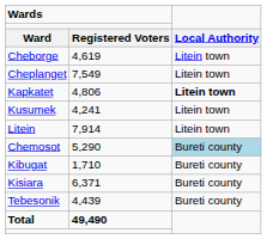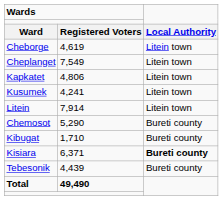 <table class="wikitable">
 <tr>
 <td colspan="2"><strong>Wards</strong></td>
 </tr>
 <tr>
 <td colspan="2"></td>
 </tr>
 <tr>
 <th>Ward</th>
 <th>Registered Voters</th>
 <th><a href='#'>Local Authority</a></th>
 </tr>
 <tr>
 <td><a href='#'>Cheborge</a></td>
 <td>4,619</td>
 <td><a href='#'>Litein</a> town</td>
 </tr>
 <tr>
 <td><a href='#'>Cheplanget</a></td>
 <td>7,549</td>
 <td>Litein town</td>
 </tr>
 <tr>
 <td><a href='#'>Kapkatet</a></td>
 <td>4,806</td>
-<td><strong>Litein town</strong></td>
+<td>Litein town</td>
 </tr>
 <tr>
 <td><a href='#'>Kusumek</a></td>
 <td>4,241</td>
 <td>Litein town</td>
 </tr>
 <tr>
 <td><a href='#'>Litein</a></td>
 <td>7,914</td>
 <td>Litein town</td>
 </tr>
 <tr>
 <td><a href='#'>Chemosot</a></td>
 <td>5,290</td>
-<td style="background: lightblue;">Bureti county</td>
+<td>Bureti county</td>
 </tr>
 <tr>
 <td><a href='#'>Kibugat</a></td>
 <td>1,710</td>
 <td>Bureti county</td>
 </tr>
 <tr>
 <td><a href='#'>Kisiara</a></td>
 <td>6,371</td>
-<td>Bureti county</td>
+<td><strong>Bureti county</strong></td>
 </tr>
 <tr>
 <td><a href='#'>Tebesonik</a></td>
 <td>4,439</td>
 <td>Bureti county</td>
 </tr>
 <tr>
 <td><strong>Total</strong></td>
 <td><strong>49,490</strong></td>
 </tr>
 <tr>
 <td colspan="2"></td>
 </tr>
 </table>
